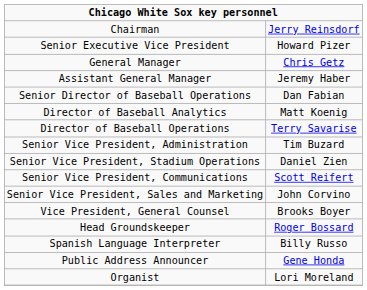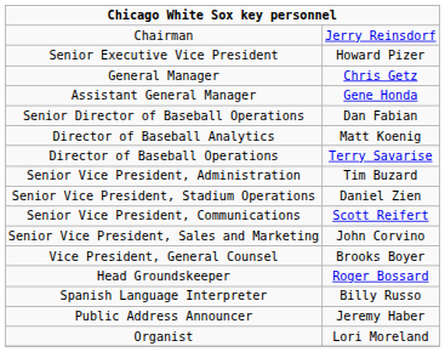 <table class="wikitable sortable" style="text-align:center">
 <tr>
 <td colspan="6"><strong>Chicago White Sox key personnel</strong></td>
 </tr>
 <tr>
 <td>Chairman</td>
 <td><a href='#'>Jerry Reinsdorf</a></td>
 </tr>
 <tr>
 <td>Senior Executive Vice President</td>
 <td>Howard Pizer</td>
 </tr>
 <tr>
 <td>General Manager</td>
 <td><a href='#'>Chris Getz</a></td>
 </tr>
 <tr>
 <td>Assistant General Manager</td>
-<td>Jeremy Haber</td>
+<td><a href='#'>Gene Honda</a></td>
 </tr>
 <tr>
 <td>Senior Director of Baseball Operations</td>
 <td>Dan Fabian</td>
 </tr>
 <tr>
 <td>Director of Baseball Analytics</td>
 <td>Matt Koenig</td>
 </tr>
 <tr>
 <td>Director of Baseball Operations</td>
 <td><a href='#'>Terry Savarise</a></td>
 </tr>
 <tr>
 <td>Senior Vice President, Administration</td>
 <td>Tim Buzard</td>
 </tr>
 <tr>
 <td>Senior Vice President, Stadium Operations</td>
 <td>Daniel Zien</td>
 </tr>
 <tr>
 <td>Senior Vice President, Communications</td>
 <td><a href='#'>Scott Reifert</a></td>
 </tr>
 <tr>
 <td>Senior Vice President, Sales and Marketing</td>
 <td>John Corvino</td>
 </tr>
 <tr>
 <td>Vice President, General Counsel</td>
 <td>Brooks Boyer</td>
 </tr>
 <tr>
 <td>Head Groundskeeper</td>
 <td><a href='#'>Roger Bossard</a></td>
 </tr>
 <tr>
 <td>Spanish Language Interpreter</td>
 <td>Billy Russo</td>
 </tr>
 <tr>
 <td>Public Address Announcer</td>
-<td><a href='#'>Gene Honda</a></td>
+<td>Jeremy Haber</td>
 </tr>
 <tr>
 <td>Organist</td>
 <td>Lori Moreland</td>
 </tr>
 <tr>
 </tr>
 </table>
